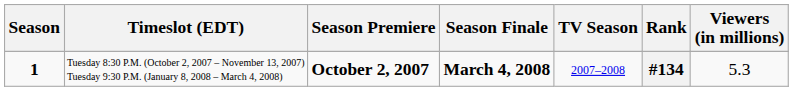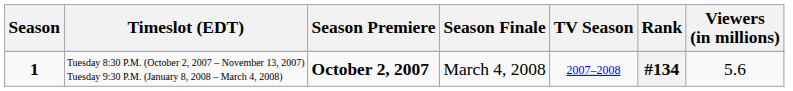 <table class="wikitable">
 <tr>
 <th>Season</th>
 <th>Timeslot (EDT)</th>
 <th>Season Premiere</th>
 <th>Season Finale</th>
 <th>TV Season</th>
 <th>Rank</th>
 <th>Viewers<br>(in millions)</th>
 </tr>
 <tr>
 </tr>
 <tr style="background-color:#F9F9F9">
 <th style="background:#F9F9F9;text-align:center"><strong>1</strong></th>
 <th style="background:#F9F9F9;font-size:11px;font-weight:normal;text-align:left;line-height:110%"><small>Tuesday 8:30 P.M.  (October 2, 2007 – November 13, 2007) <br> Tuesday 9:30 P.M. (January 8, 2008 – March 4, 2008)</small></th>
 <td><strong>October 2, 2007</strong></td>
-<td><strong>March 4, 2008</strong></td>
+<td>March 4, 2008</td>
 <td style="font-size:11px;text-align:center"><a href='#'>2007–2008</a></td>
 <th style="text-align:center"><strong>#134</strong></th>
-<td style="text-align:center">5.3</td>
+<td style="text-align:center">5.6</td>
 </tr>
 </table>
